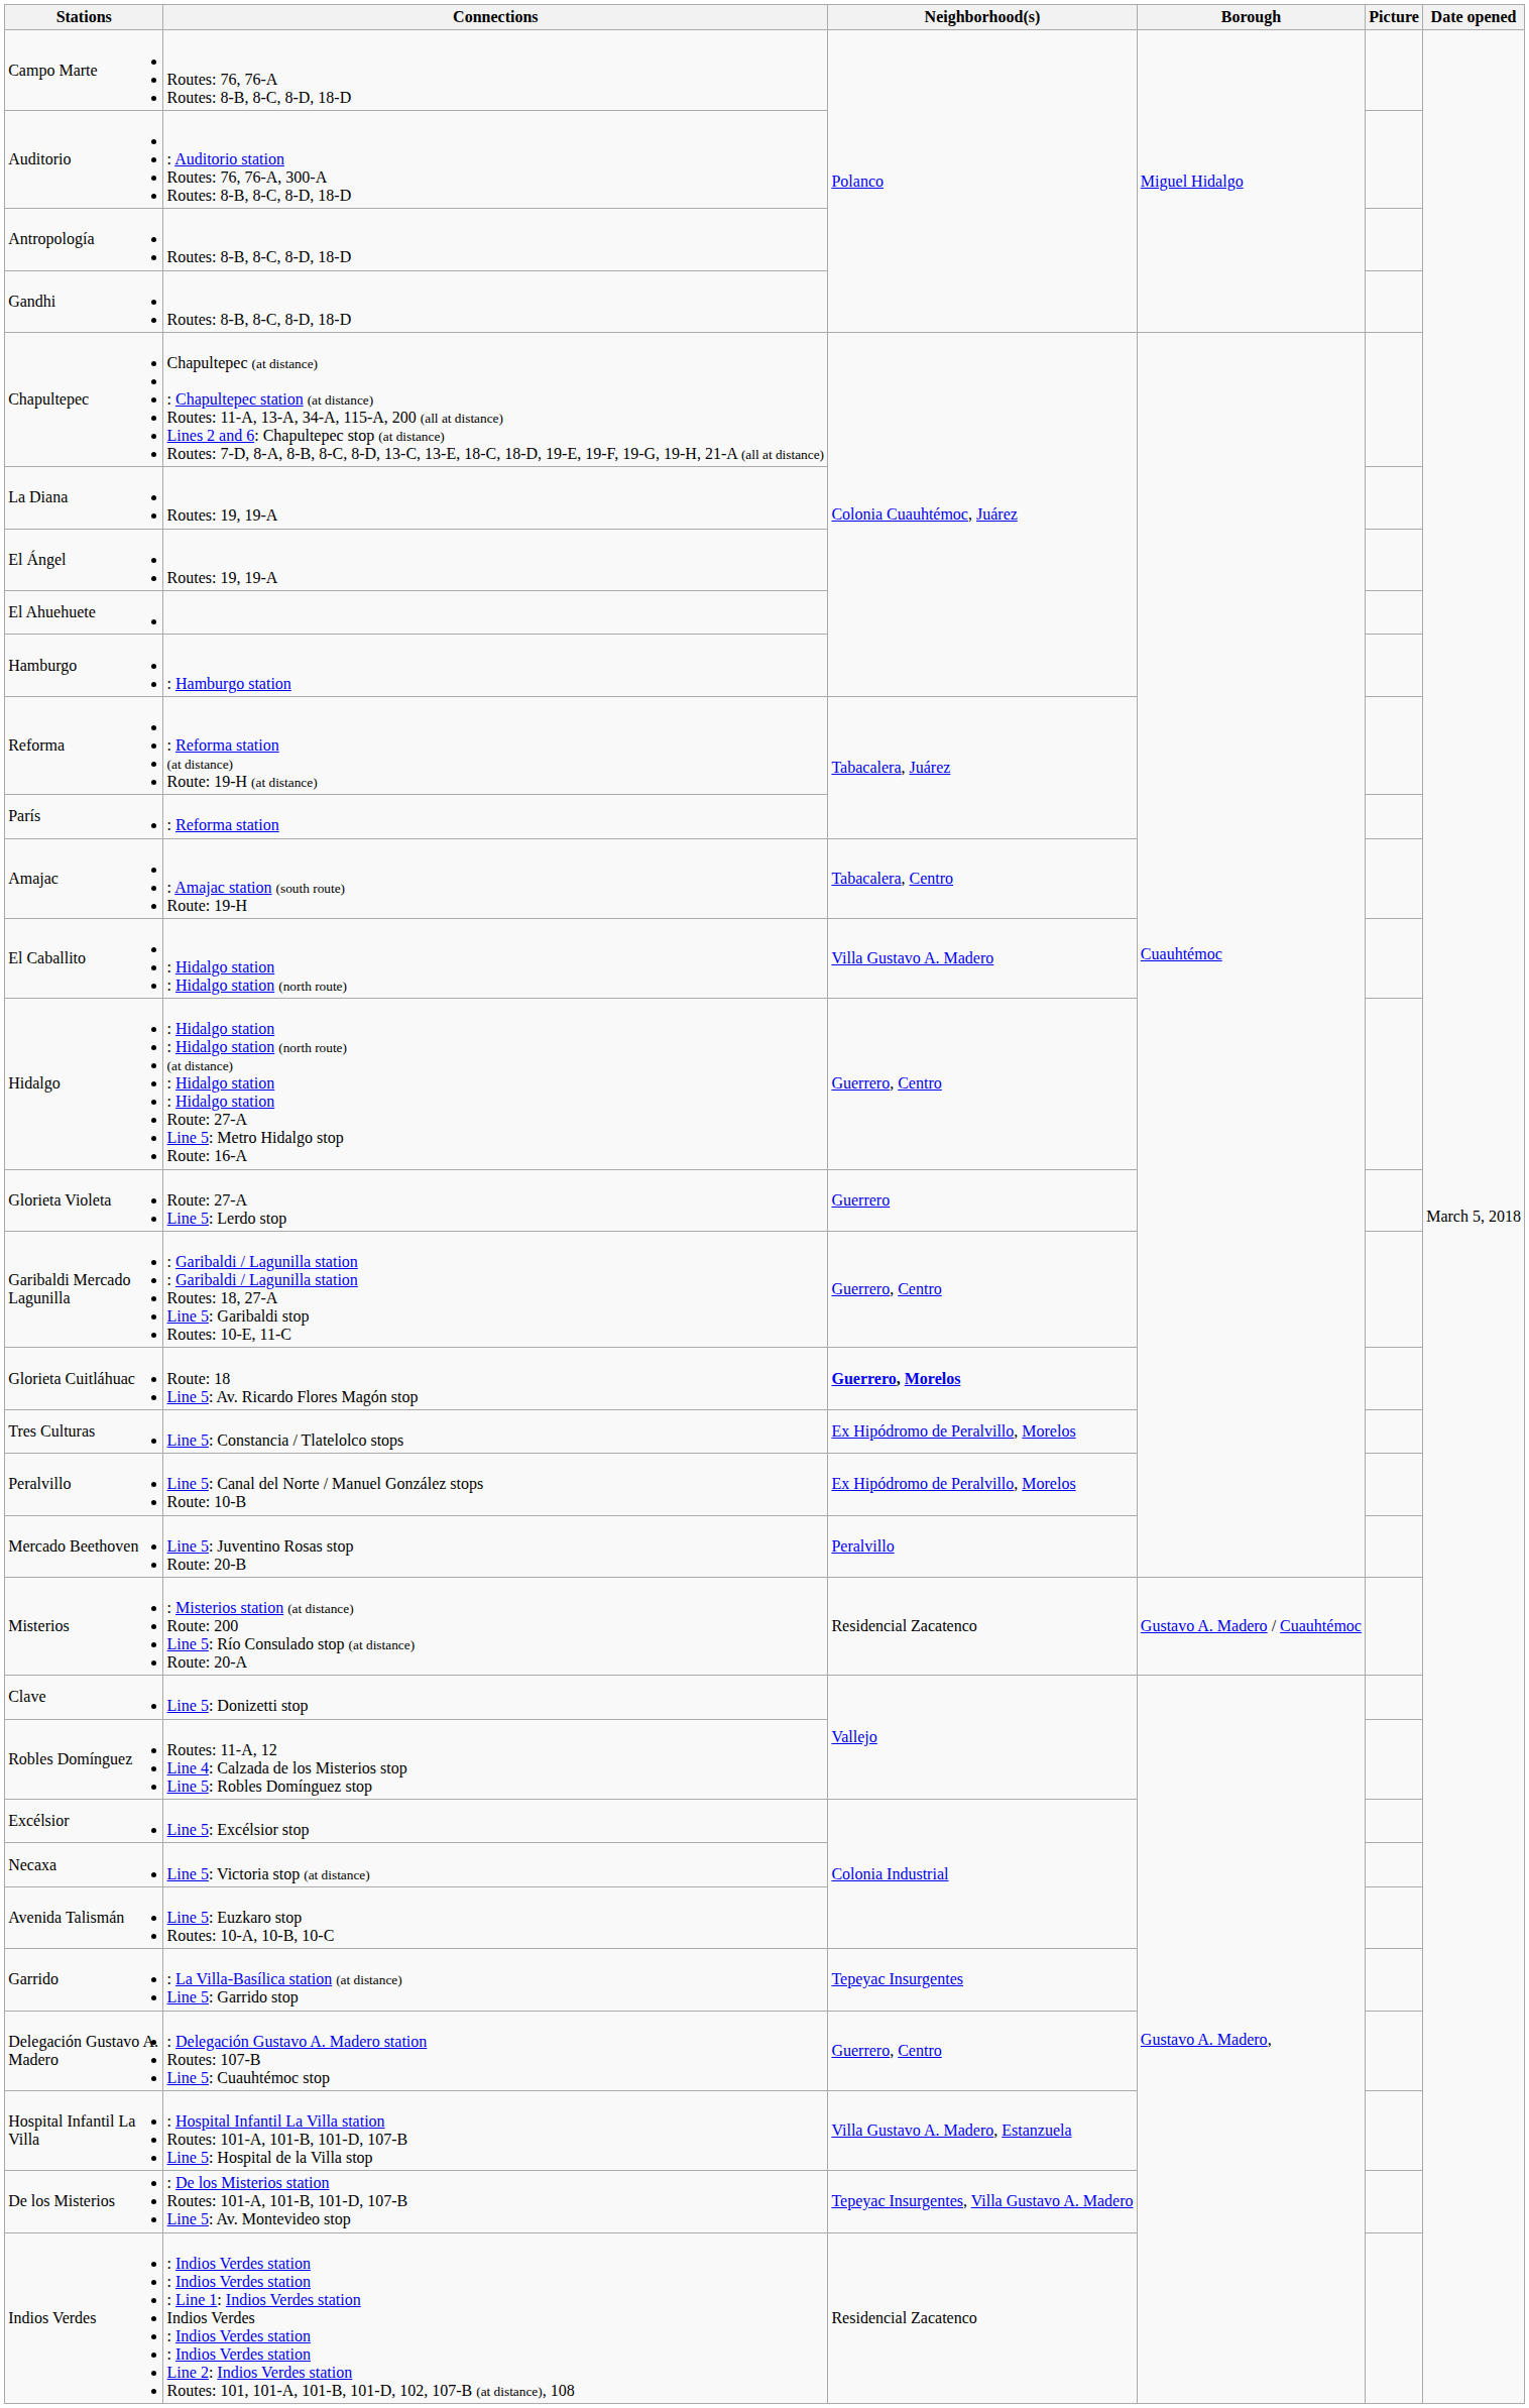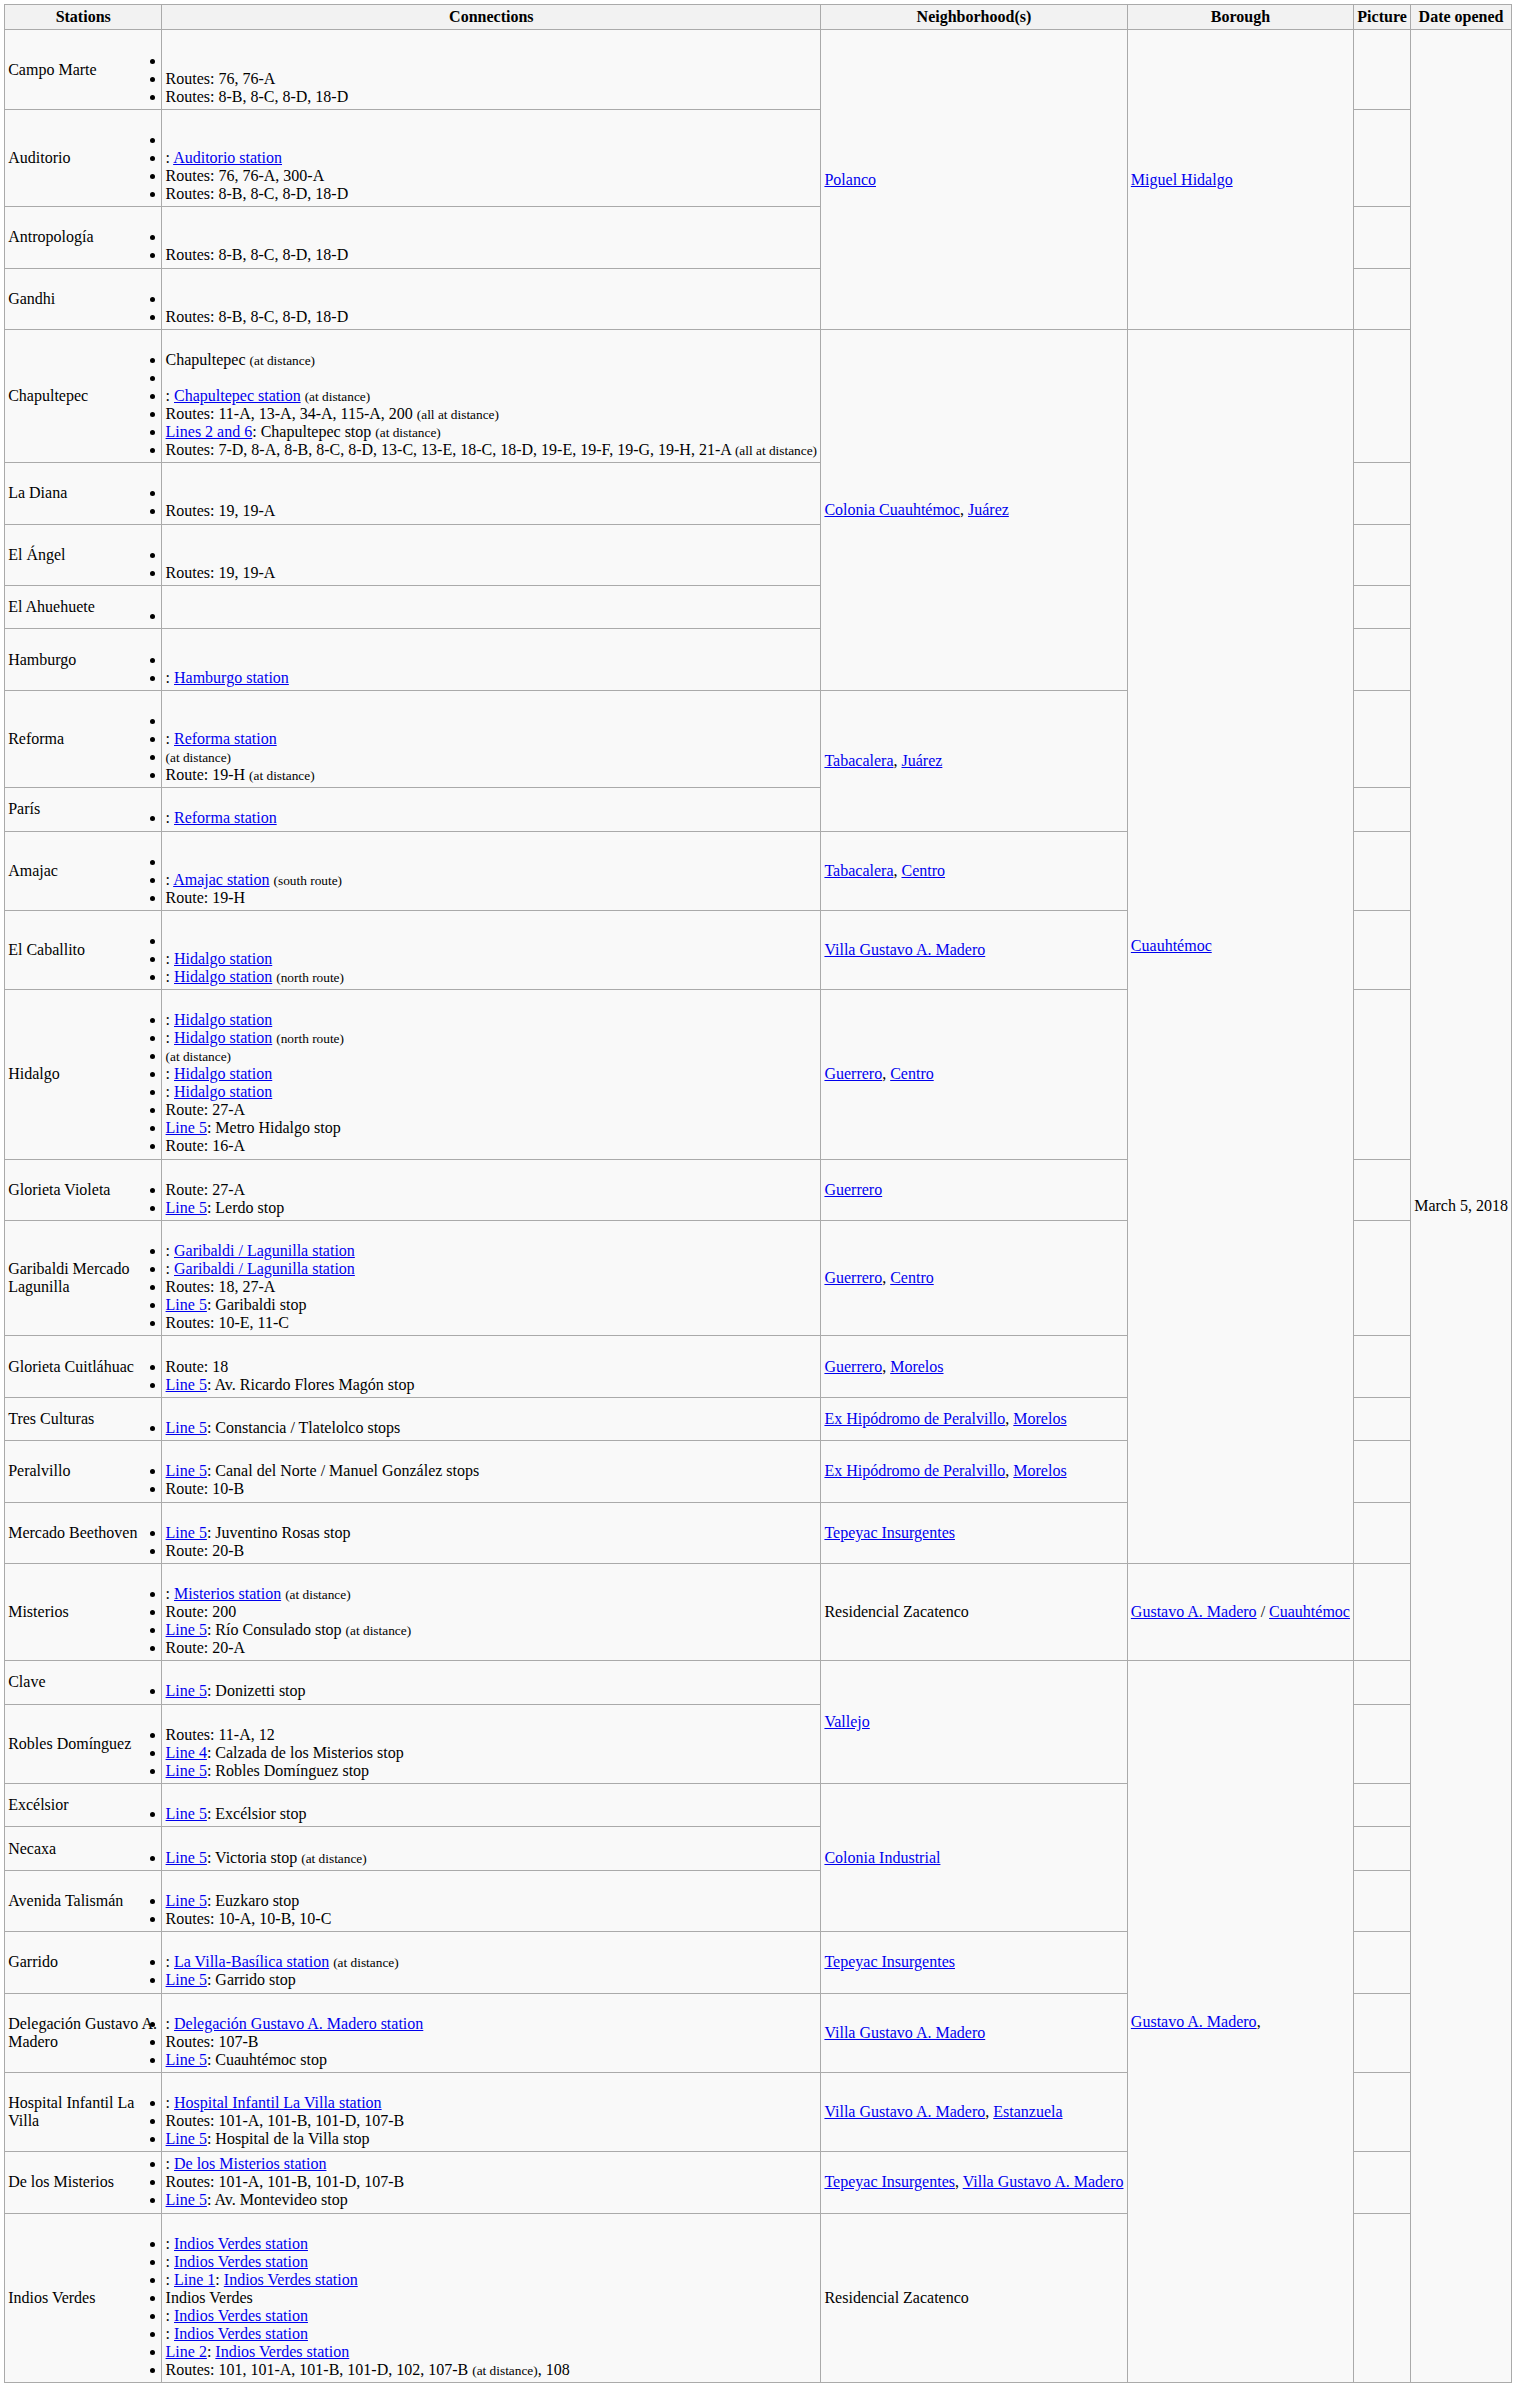 <table class="wikitable">
 <tr>
 <th width="150px">Stations</th>
 <th>Connections</th>
 <th>Neighborhood(s)</th>
 <th>Borough</th>
 <th>Picture</th>
 <th>Date opened</th>
 </tr>
 <tr>
 <td> Campo Marte</td>
 <td><br><li></li> <li> Routes: 76, 76-A</li> <li> Routes: 8-B, 8-C, 8-D, 18-D</td>
 <td rowspan=4><a href='#'>Polanco</a></td>
 <td rowspan=4><a href='#'>Miguel Hidalgo</a></td>
 <td></td>
 <td rowspan=31>March 5, 2018</td>
 </tr>
 <tr>
 <td> Auditorio</td>
 <td><br><li></li> <li> : <a href='#'>Auditorio station</a></li> <li> Routes: 76, 76-A, 300-A</li> <li> Routes: 8-B, 8-C, 8-D, 18-D</td>
 <td></td>
 </tr>
 <tr>
 <td> Antropología</td>
 <td><br><li></li> <li> Routes: 8-B, 8-C, 8-D, 18-D</td>
 <td></td>
 </tr>
 <tr>
 <td> Gandhi</td>
 <td><br><li></li> <li> Routes: 8-B, 8-C, 8-D, 18-D</td>
 <td></td>
 </tr>
 <tr>
 <td> Chapultepec</td>
 <td><br><li> Chapultepec <small>(at distance)</small></li> <li></li> <li> : <a href='#'>Chapultepec station</a> <small>(at distance)</small></li> <li> Routes: 11-A, 13-A, 34-A, 115-A, 200 <small>(all at distance)</small></li> <li> <a href='#'>Lines 2 and 6</a>: Chapultepec stop <small>(at distance)</small></li> <li> Routes: 7-D, 8-A, 8-B, 8-C, 8-D, 13-C, 13-E, 18-C, 18-D, 19-E, 19-F, 19-G, 19-H, 21-A <small>(all at distance)</small></td>
 <td rowspan=5><a href='#'>Colonia Cuauhtémoc</a>, <a href='#'>Juárez</a></td>
 <td rowspan=16><a href='#'>Cuauhtémoc</a></td>
 <td></td>
 </tr>
 <tr>
 <td> La Diana</td>
 <td><br><li></li> <li> Routes: 19, 19-A</td>
 <td></td>
 </tr>
 <tr>
 <td> El Ángel</td>
 <td><br><li></li> <li> Routes: 19, 19-A</td>
 <td></td>
 </tr>
 <tr>
 <td> El Ahuehuete</td>
 <td><br><li></td>
 <td></td>
 </tr>
 <tr>
 <td> Hamburgo</td>
 <td><br><li></li> <li> :  <a href='#'>Hamburgo station</a></td>
 <td></td>
 </tr>
 <tr>
 <td> Reforma</td>
 <td><br><li></li> <li> : <a href='#'>Reforma station</a></li> <li> <small>(at distance)</small></li> <li> Route: 19-H <small>(at distance)</small></td>
 <td rowspan=2><a href='#'>Tabacalera</a>, <a href='#'>Juárez</a></td>
 <td></td>
 </tr>
 <tr>
 <td> París</td>
 <td><br><li> : <a href='#'>Reforma station</a></td>
 <td></td>
 </tr>
 <tr>
 <td> Amajac</td>
 <td><br><li></li> <li> : <a href='#'>Amajac station</a> <small>(south route)</small></li> <li> Route: 19-H</td>
 <td><a href='#'>Tabacalera</a>, <a href='#'>Centro</a></td>
 <td></td>
 </tr>
 <tr>
 <td> El Caballito</td>
 <td><br><li></li> <li> : <a href='#'>Hidalgo station</a></li> <li> : <a href='#'>Hidalgo station</a> <small>(north route)</small></td>
 <td><a href='#'>Villa Gustavo A. Madero</a></td>
 <td></td>
 </tr>
 <tr>
 <td> Hidalgo</td>
 <td><br><li> : <a href='#'>Hidalgo station</a></li> <li> : <a href='#'>Hidalgo station</a> <small>(north route)</small></li> <li> <small>(at distance)</small></li> <li> : <a href='#'>Hidalgo station</a></li> <li> : <a href='#'>Hidalgo station</a></li> <li> Route: 27-A</li> <li> <a href='#'>Line 5</a>: Metro Hidalgo stop</li> <li> Route: 16-A</td>
 <td><a href='#'>Guerrero</a>, <a href='#'>Centro</a></td>
 <td></td>
 </tr>
 <tr>
 <td> Glorieta Violeta</td>
 <td><br><li> Route: 27-A</li> <li> <a href='#'>Line 5</a>: Lerdo stop</td>
 <td><a href='#'>Guerrero</a></td>
 <td></td>
 </tr>
 <tr>
 <td> Garibaldi Mercado Lagunilla</td>
 <td><br><li> : <a href='#'>Garibaldi / Lagunilla station</a></li> <li> : <a href='#'>Garibaldi / Lagunilla station</a></li> <li> Routes: 18, 27-A</li> <li> <a href='#'>Line 5</a>: Garibaldi stop</li> <li> Routes: 10-E, 11-C</td>
 <td><a href='#'>Guerrero</a>, <a href='#'>Centro</a></td>
 <td></td>
 </tr>
 <tr>
 <td> Glorieta Cuitláhuac</td>
 <td><br><li> Route: 18</li> <li> <a href='#'>Line 5</a>: Av. Ricardo Flores Magón stop</td>
-<td><strong><a href='#'>Guerrero</a>, <a href='#'>Morelos</a></strong></td>
+<td><a href='#'>Guerrero</a>, <a href='#'>Morelos</a></td>
 <td></td>
 </tr>
 <tr>
 <td> Tres Culturas</td>
 <td><br><li> <a href='#'>Line 5</a>: Constancia / Tlatelolco stops</td>
 <td><a href='#'>Ex Hipódromo de Peralvillo</a>, <a href='#'>Morelos</a></td>
 <td></td>
 </tr>
 <tr>
 <td> Peralvillo</td>
 <td><br><li> <a href='#'>Line 5</a>: Canal del Norte / Manuel González stops</li> <li> Route: 10-B</td>
 <td><a href='#'>Ex Hipódromo de Peralvillo</a>, <a href='#'>Morelos</a></td>
 <td></td>
 </tr>
 <tr>
 <td> Mercado Beethoven</td>
 <td><br><li> <a href='#'>Line 5</a>: Juventino Rosas stop</li> <li> Route: 20-B</td>
-<td><a href='#'>Peralvillo</a></td>
+<td><a href='#'>Tepeyac Insurgentes</a></td>
 <td></td>
 </tr>
 <tr>
 <td> Misterios</td>
 <td><br><li> : <a href='#'>Misterios station</a> <small>(at distance)</small></li> <li> Route: 200</li> <li> <a href='#'>Line 5</a>: Río Consulado stop <small>(at distance)</small></li> <li> Route: 20-A</td>
 <td>Residencial Zacatenco</td>
 <td><a href='#'>Gustavo A. Madero</a> / <a href='#'>Cuauhtémoc</a></td>
 <td></td>
 </tr>
 <tr>
 <td> Clave</td>
 <td><br><li> <a href='#'>Line 5</a>: Donizetti stop</td>
 <td rowspan=2><a href='#'>Vallejo</a></td>
 <td rowspan=10><a href='#'>Gustavo A. Madero</a>,</td>
 <td></td>
 </tr>
 <tr>
 <td> Robles Domínguez</td>
 <td><br><li> Routes: 11-A, 12</li> <li> <a href='#'>Line 4</a>: Calzada de los Misterios stop</li> <li> <a href='#'>Line 5</a>: Robles Domínguez stop</td>
 <td></td>
 </tr>
 <tr>
 <td> Excélsior</td>
 <td><br><li> <a href='#'>Line 5</a>: Excélsior stop</td>
 <td rowspan=3><a href='#'>Colonia Industrial</a></td>
 <td></td>
 </tr>
 <tr>
 <td> Necaxa</td>
 <td><br><li> <a href='#'>Line 5</a>: Victoria stop <small>(at distance)</small></td>
 <td></td>
 </tr>
 <tr>
 <td> Avenida Talismán</td>
 <td><br><li> <a href='#'>Line 5</a>: Euzkaro stop</li> <li> Routes: 10-A, 10-B, 10-C</td>
 <td></td>
 </tr>
 <tr>
 <td> Garrido</td>
 <td><br><li> : <a href='#'>La Villa-Basílica station</a> <small>(at distance)</small></li> <li> <a href='#'>Line 5</a>: Garrido stop</td>
 <td><a href='#'>Tepeyac Insurgentes</a></td>
 <td></td>
 </tr>
 <tr>
 <td> Delegación Gustavo A. Madero</td>
 <td><br><li> : <a href='#'>Delegación Gustavo A. Madero station</a></li> <li> Routes: 107-B</li> <li> <a href='#'>Line 5</a>: Cuauhtémoc stop</td>
-<td><a href='#'>Guerrero</a>, <a href='#'>Centro</a></td>
+<td><a href='#'>Villa Gustavo A. Madero</a></td>
 <td></td>
 </tr>
 <tr>
 <td> Hospital Infantil La Villa</td>
 <td><br><li> : <a href='#'>Hospital Infantil La Villa station</a></li> <li> Routes: 101-A, 101-B, 101-D, 107-B</li> <li> <a href='#'>Line 5</a>: Hospital de la Villa stop</td>
 <td><a href='#'>Villa Gustavo A. Madero</a>, <a href='#'>Estanzuela</a></td>
 <td></td>
 </tr>
 <tr>
 <td> De los Misterios</td>
 <td><li> : <a href='#'>De los Misterios station</a><br><li> Routes: 101-A, 101-B, 101-D, 107-B</li> <li> <a href='#'>Line 5</a>: Av. Montevideo stop</td>
 <td><a href='#'>Tepeyac Insurgentes</a>, <a href='#'>Villa Gustavo A. Madero</a></td>
 <td></td>
 </tr>
 <tr>
 <td> Indios Verdes</td>
 <td><br><li> : <a href='#'>Indios Verdes station</a></li> <li> : <a href='#'>Indios Verdes station</a></li> <li> : <a href='#'>Line 1</a>: <a href='#'>Indios Verdes station</a></li> <li> Indios Verdes</li> <li> : <a href='#'>Indios Verdes station</a></li> <li> : <a href='#'>Indios Verdes station</a></li> <li>  <a href='#'>Line 2</a>: <a href='#'>Indios Verdes station</a></li> <li> Routes: 101, 101-A, 101-B, 101-D, 102, 107-B <small>(at distance)</small>, 108</td>
 <td>Residencial Zacatenco</td>
 <td></td>
 </tr>
 </table>
